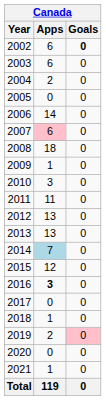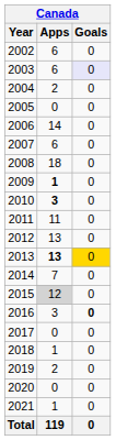 <table class="wikitable" style="text-align:center">
 <tr>
 <th colspan=3><a href='#'>Canada</a></th>
 </tr>
 <tr>
 <th>Year</th>
 <th>Apps</th>
 <th>Goals</th>
 </tr>
 <tr>
 <td>2002</td>
 <td>6</td>
-<td><strong>0</strong></td>
+<td>0</td>
 </tr>
 <tr>
 <td>2003</td>
 <td>6</td>
-<td>0</td>
+<td style="background: lavender;">0</td>
 </tr>
 <tr>
 <td>2004</td>
 <td>2</td>
 <td>0</td>
 </tr>
 <tr>
 <td>2005</td>
 <td>0</td>
 <td>0</td>
 </tr>
 <tr>
 <td>2006</td>
 <td>14</td>
 <td>0</td>
 </tr>
 <tr>
 <td>2007</td>
-<td style="background: pink;">6</td>
+<td>6</td>
 <td>0</td>
 </tr>
 <tr>
 <td>2008</td>
 <td>18</td>
 <td>0</td>
 </tr>
 <tr>
 <td>2009</td>
-<td>1</td>
+<td><strong>1</strong></td>
 <td>0</td>
 </tr>
 <tr>
 <td>2010</td>
-<td>3</td>
+<td><strong>3</strong></td>
 <td>0</td>
 </tr>
 <tr>
 <td>2011</td>
 <td>11</td>
 <td>0</td>
 </tr>
 <tr>
 <td>2012</td>
 <td>13</td>
 <td>0</td>
 </tr>
 <tr>
 <td>2013</td>
-<td>13</td>
-<td>0</td>
+<td><strong>13</strong></td>
+<td style="background: gold;">0</td>
 </tr>
 <tr>
 <td>2014</td>
-<td style="background: lightblue;">7</td>
+<td>7</td>
 <td>0</td>
 </tr>
 <tr>
 <td>2015</td>
-<td>12</td>
+<td style="background: lightgrey;">12</td>
 <td>0</td>
 </tr>
 <tr>
 <td>2016</td>
-<td><strong>3</strong></td>
-<td>0</td>
+<td>3</td>
+<td><strong>0</strong></td>
 </tr>
 <tr>
 <td>2017</td>
 <td>0</td>
 <td>0</td>
 </tr>
 <tr>
 <td>2018</td>
 <td>1</td>
 <td>0</td>
 </tr>
 <tr>
 <td>2019</td>
 <td>2</td>
-<td style="background: pink;">0</td>
+<td>0</td>
 </tr>
 <tr>
 <td>2020</td>
 <td>0</td>
 <td>0</td>
 </tr>
 <tr>
 <td>2021</td>
 <td>1</td>
 <td>0</td>
 </tr>
 <tr>
 <th>Total</th>
 <th>119</th>
 <th>0</th>
 </tr>
 </table>
